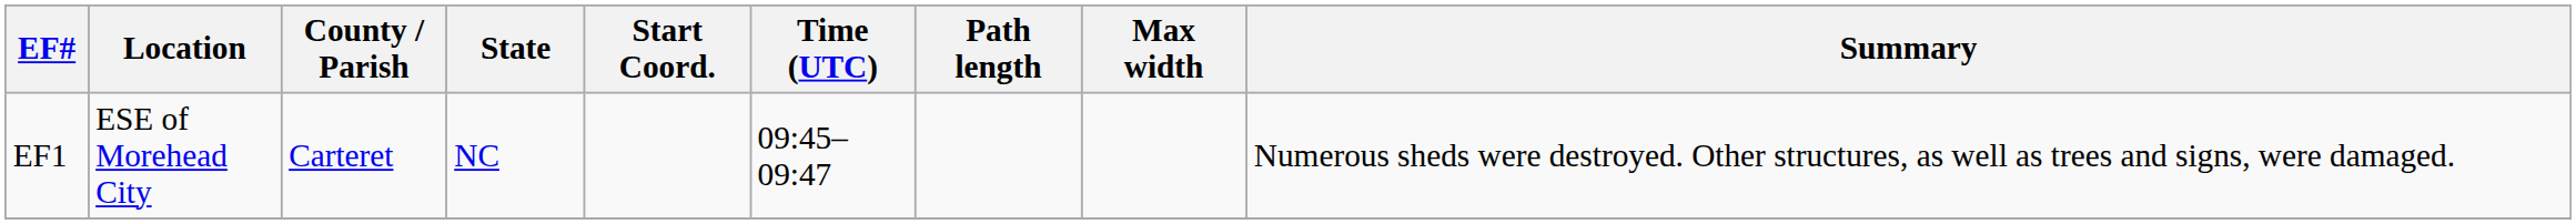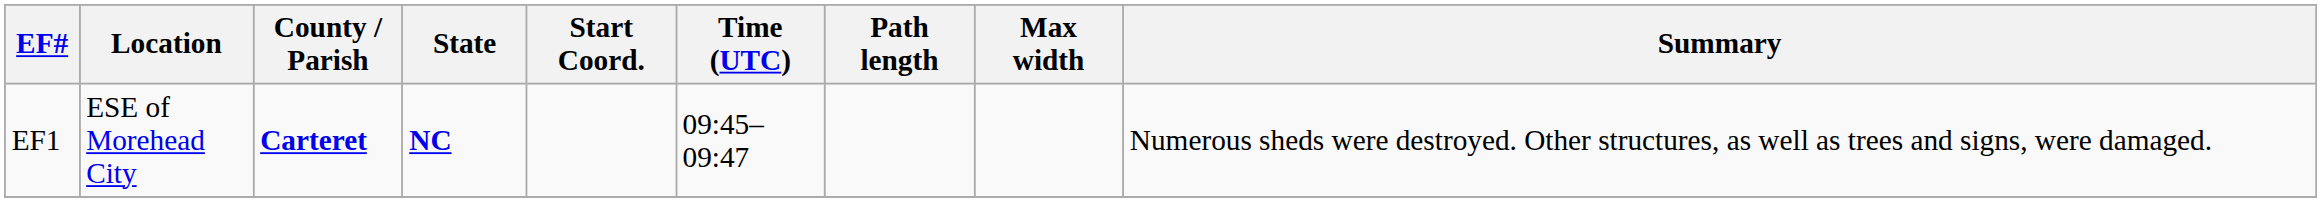 <table class="wikitable sortable" style="width:100%;">
 <tr>
 <th scope="col" style="width:3%; text-align:center;"><a href='#'>EF#</a></th>
 <th scope="col" style="width:7%; text-align:center;" class="unsortable">Location</th>
 <th scope="col" style="width:6%; text-align:center;" class="unsortable">County / Parish</th>
 <th scope="col" style="width:5%; text-align:center;">State</th>
 <th scope="col" style="width:6%; text-align:center;">Start Coord.</th>
 <th scope="col" style="width:6%; text-align:center;">Time (<a href='#'>UTC</a>)</th>
 <th scope="col" style="width:6%; text-align:center;">Path length</th>
 <th scope="col" style="width:6%; text-align:center;">Max width</th>
 <th scope="col" class="unsortable" style="width:48%; text-align:center;">Summary</th>
 </tr>
 <tr>
 <td bgcolor=>EF1</td>
 <td>ESE of <a href='#'>Morehead City</a></td>
-<td><a href='#'>Carteret</a></td>
-<td><a href='#'>NC</a></td>
+<td><strong><a href='#'>Carteret</a></strong></td>
+<td><strong><a href='#'>NC</a></strong></td>
 <td></td>
 <td>09:45–09:47</td>
 <td></td>
 <td></td>
 <td>Numerous sheds were destroyed. Other structures, as well as trees and signs, were damaged.</td>
 </tr>
 <tr>
 </tr>
 </table>
